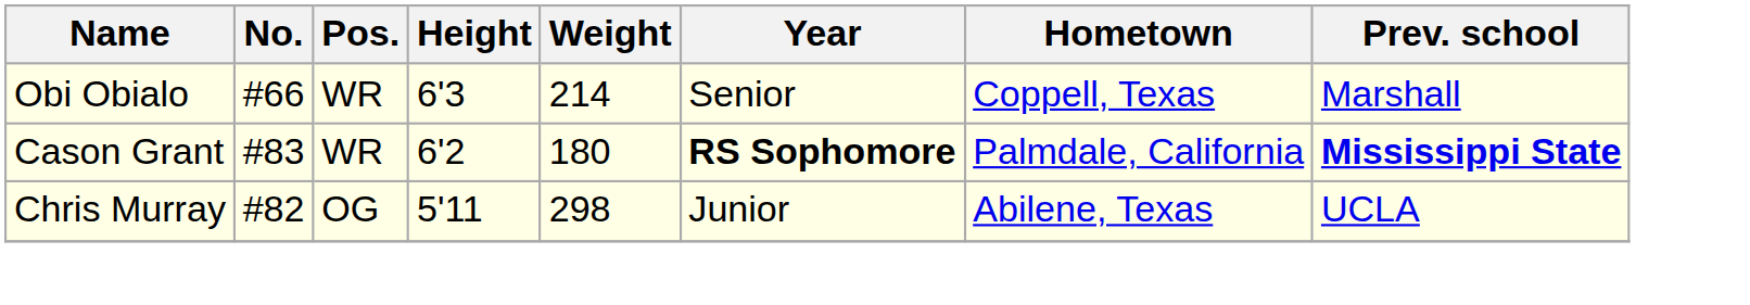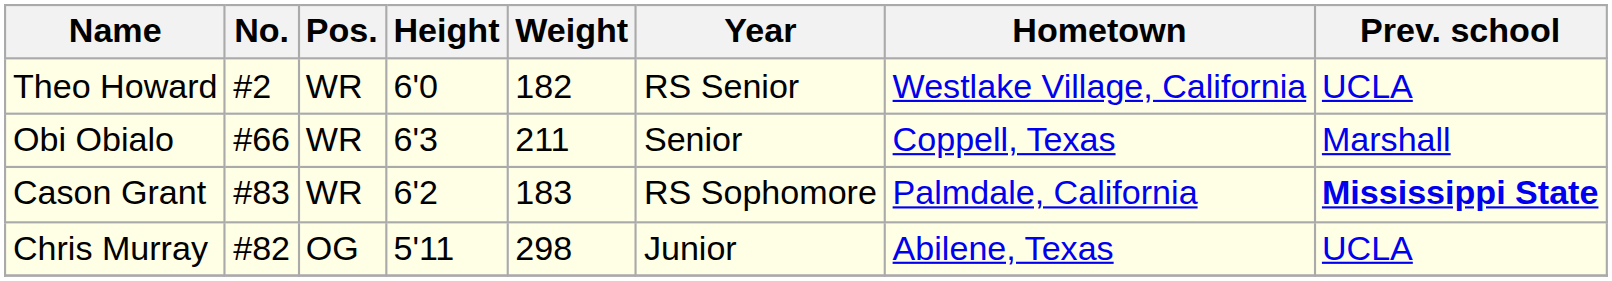 <table class="wikitable sortable">
 <tr>
 <th>Name</th>
 <th>No.</th>
 <th>Pos.</th>
 <th>Height</th>
 <th>Weight</th>
 <th>Year</th>
 <th>Hometown</th>
 <th class="unsortable">Prev. school</th>
 </tr>
 <tr style="background:#FFFFE6;">
+<td>Theo Howard</td>
+<td>#2</td>
+<td>WR</td>
+<td>6'0</td>
+<td>182</td>
+<td>RS Senior</td>
+<td><a href='#'>Westlake Village, California</a></td>
+<td><a href='#'>UCLA</a></td>
+</tr>
+<tr style="background:#FFFFE6;">
 <td>Obi Obialo</td>
 <td>#66</td>
 <td>WR</td>
 <td>6'3</td>
-<td>214</td>
+<td>211</td>
 <td>Senior</td>
 <td><a href='#'>Coppell, Texas</a></td>
 <td><a href='#'>Marshall</a></td>
 </tr>
 <tr style="background:#FFFFE6;">
 <td>Cason Grant</td>
 <td>#83</td>
 <td>WR</td>
 <td>6'2</td>
-<td>180</td>
-<td><strong>RS Sophomore</strong></td>
+<td>183</td>
+<td>RS Sophomore</td>
 <td><a href='#'>Palmdale, California</a></td>
 <td><strong><a href='#'>Mississippi State</a></strong></td>
 </tr>
 <tr style="background:#FFFFE6;">
 <td>Chris Murray</td>
 <td>#82</td>
 <td>OG</td>
 <td>5'11</td>
 <td>298</td>
 <td>Junior</td>
 <td><a href='#'>Abilene, Texas</a></td>
 <td><a href='#'>UCLA</a></td>
 </tr>
 <tr>
 </tr>
 </table>
